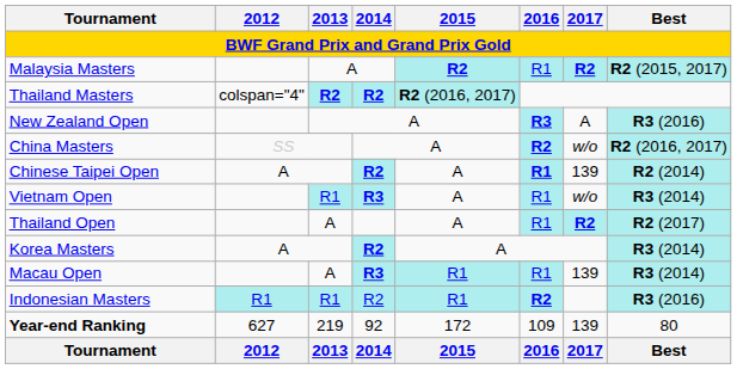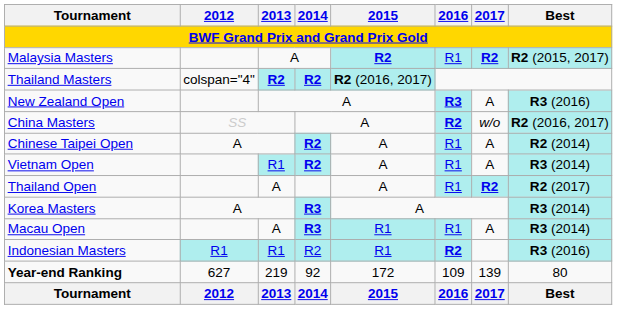 <table style='font-size: 90%; text-align:center;' class='wikitable'>
 <tr>
 <th width=180>Tournament</th>
 <th><a href='#'>2012</a></th>
 <th><a href='#'>2013</a></th>
 <th><a href='#'>2014</a></th>
 <th><a href='#'>2015</a></th>
 <th><a href='#'>2016</a></th>
 <th><a href='#'>2017</a></th>
 <th>Best</th>
 </tr>
 <tr bgcolor=FFD700>
 <td colspan=20 align=center><strong><a href='#'>BWF Grand Prix and Grand Prix Gold</a></strong></td>
 </tr>
 <tr>
 <td align=left> <a href='#'>Malaysia Masters</a></td>
 <td></td>
 <td colspan="2">A</td>
 <td bgcolor=AFEEEE><a href='#'><strong>R2</strong></a></td>
 <td bgcolor=AFEEEE><a href='#'>R1</a></td>
 <td bgcolor=AFEEEE><a href='#'><strong>R2</strong></a></td>
 <td bgcolor=AFEEEE><strong>R2</strong> (2015, 2017)</td>
 </tr>
 <tr>
 <td align=left> <a href='#'>Thailand Masters</a></td>
 <td>colspan="4" </td>
 <td bgcolor=AFEEEE><a href='#'><strong>R2</strong></a></td>
 <td bgcolor=AFEEEE><a href='#'><strong>R2</strong></a></td>
 <td bgcolor=AFEEEE><strong>R2</strong> (2016, 2017)</td>
 </tr>
 <tr>
 <td align=left> <a href='#'>New Zealand Open</a></td>
 <td></td>
 <td colspan="3">A</td>
 <td bgcolor=AFEEEE><a href='#'><strong>R3</strong></a></td>
 <td>A</td>
 <td bgcolor=AFEEEE><strong>R3</strong> (2016)</td>
 </tr>
 <tr>
 <td align=left> <a href='#'>China Masters</a></td>
 <td colspan="2" style=color:#ccc><em>SS</em></td>
 <td colspan="2">A</td>
 <td bgcolor=AFEEEE><a href='#'><strong>R2</strong></a></td>
 <td><em>w/o</em></td>
 <td bgcolor=AFEEEE><strong>R2</strong> (2016, 2017)</td>
 </tr>
 <tr>
 <td align=left> <a href='#'>Chinese Taipei Open</a></td>
 <td colspan="2">A</td>
 <td bgcolor=AFEEEE><a href='#'><strong>R2</strong></a></td>
 <td>A</td>
-<td bgcolor=AFEEEE><strong><a href='#'>R1</a></strong></td>
-<td align=center>139</td>
+<td bgcolor=AFEEEE><a href='#'>R1</a></td>
+<td>A</td>
 <td bgcolor=AFEEEE><strong>R2</strong> (2014)</td>
 </tr>
 <tr>
 <td align=left> <a href='#'>Vietnam Open</a></td>
 <td></td>
 <td bgcolor=AFEEEE><a href='#'>R1</a></td>
-<td bgcolor=AFEEEE><a href='#'><strong>R3</strong></a></td>
+<td bgcolor=AFEEEE><a href='#'><strong>R2</strong></a></td>
 <td>A</td>
 <td bgcolor=AFEEEE><a href='#'>R1</a></td>
-<td><em>w/o</em></td>
+<td>A</td>
 <td bgcolor=AFEEEE><strong>R3</strong> (2014)</td>
 </tr>
 <tr>
 <td align=left> <a href='#'>Thailand Open</a></td>
 <td></td>
 <td>A</td>
 <td></td>
 <td>A</td>
 <td bgcolor=AFEEEE><a href='#'>R1</a></td>
 <td bgcolor=AFEEEE><a href='#'><strong>R2</strong></a></td>
 <td bgcolor=AFEEEE><strong>R2</strong> (2017)</td>
 </tr>
 <tr>
 <td align=left> <a href='#'>Korea Masters</a></td>
 <td colspan="2">A</td>
-<td bgcolor=AFEEEE><a href='#'><strong>R2</strong></a></td>
+<td bgcolor=AFEEEE><a href='#'><strong>R3</strong></a></td>
 <td colspan="3">A</td>
 <td bgcolor=AFEEEE><strong>R3</strong> (2014)</td>
 </tr>
 <tr>
 <td align=left> <a href='#'>Macau Open</a></td>
 <td></td>
 <td>A</td>
 <td bgcolor=AFEEEE><a href='#'><strong>R3</strong></a></td>
 <td bgcolor=AFEEEE><a href='#'>R1</a></td>
 <td bgcolor=AFEEEE><a href='#'>R1</a></td>
-<td align=center>139</td>
+<td>A</td>
 <td bgcolor=AFEEEE><strong>R3</strong> (2014)</td>
 </tr>
 <tr>
 <td align=left> <a href='#'>Indonesian Masters</a></td>
 <td bgcolor=AFEEEE><a href='#'>R1</a></td>
 <td bgcolor=AFEEEE><a href='#'>R1</a></td>
 <td bgcolor=AFEEEE><a href='#'>R2</a></td>
 <td bgcolor=AFEEEE><a href='#'>R1</a></td>
 <td bgcolor=AFEEEE><a href='#'><strong>R2</strong></a></td>
 <td></td>
 <td bgcolor=AFEEEE><strong>R3</strong> (2016)</td>
 </tr>
 <tr>
 <td align=left><strong>Year-end Ranking</strong></td>
 <td align=center>627</td>
 <td align=center>219</td>
 <td align=center>92</td>
 <td align=center>172</td>
 <td align=center>109</td>
 <td align=center>139</td>
 <td align=center>80</td>
 </tr>
 <tr>
 <th width=180>Tournament</th>
 <th><a href='#'>2012</a></th>
 <th><a href='#'>2013</a></th>
 <th><a href='#'>2014</a></th>
 <th><a href='#'>2015</a></th>
 <th><a href='#'>2016</a></th>
 <th><a href='#'>2017</a></th>
 <th>Best</th>
 </tr>
 </table>
